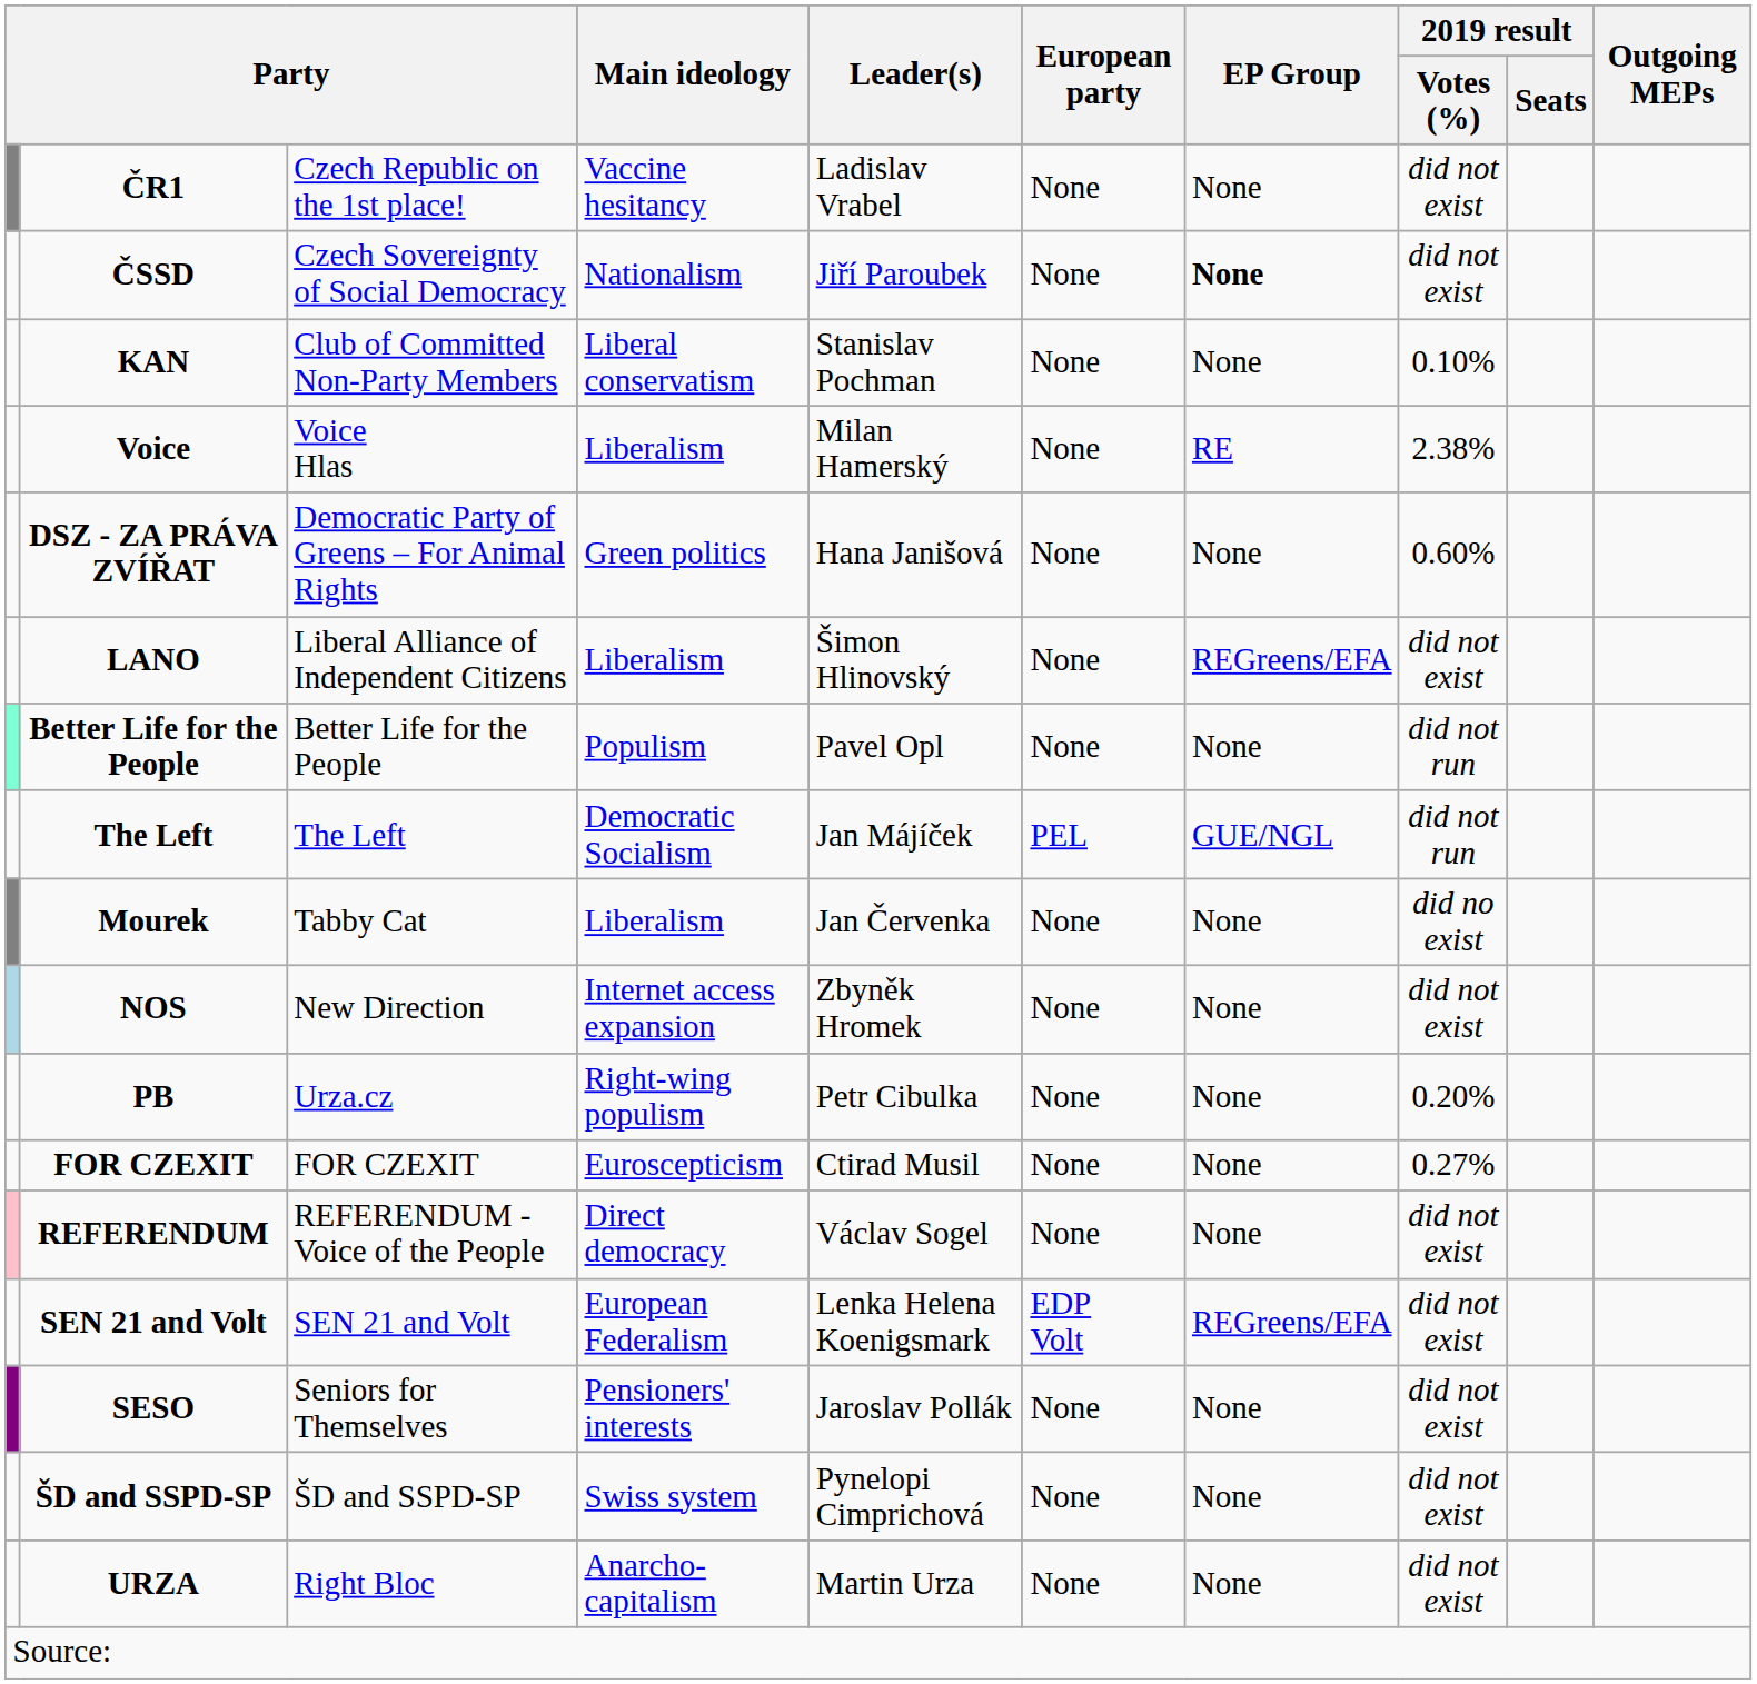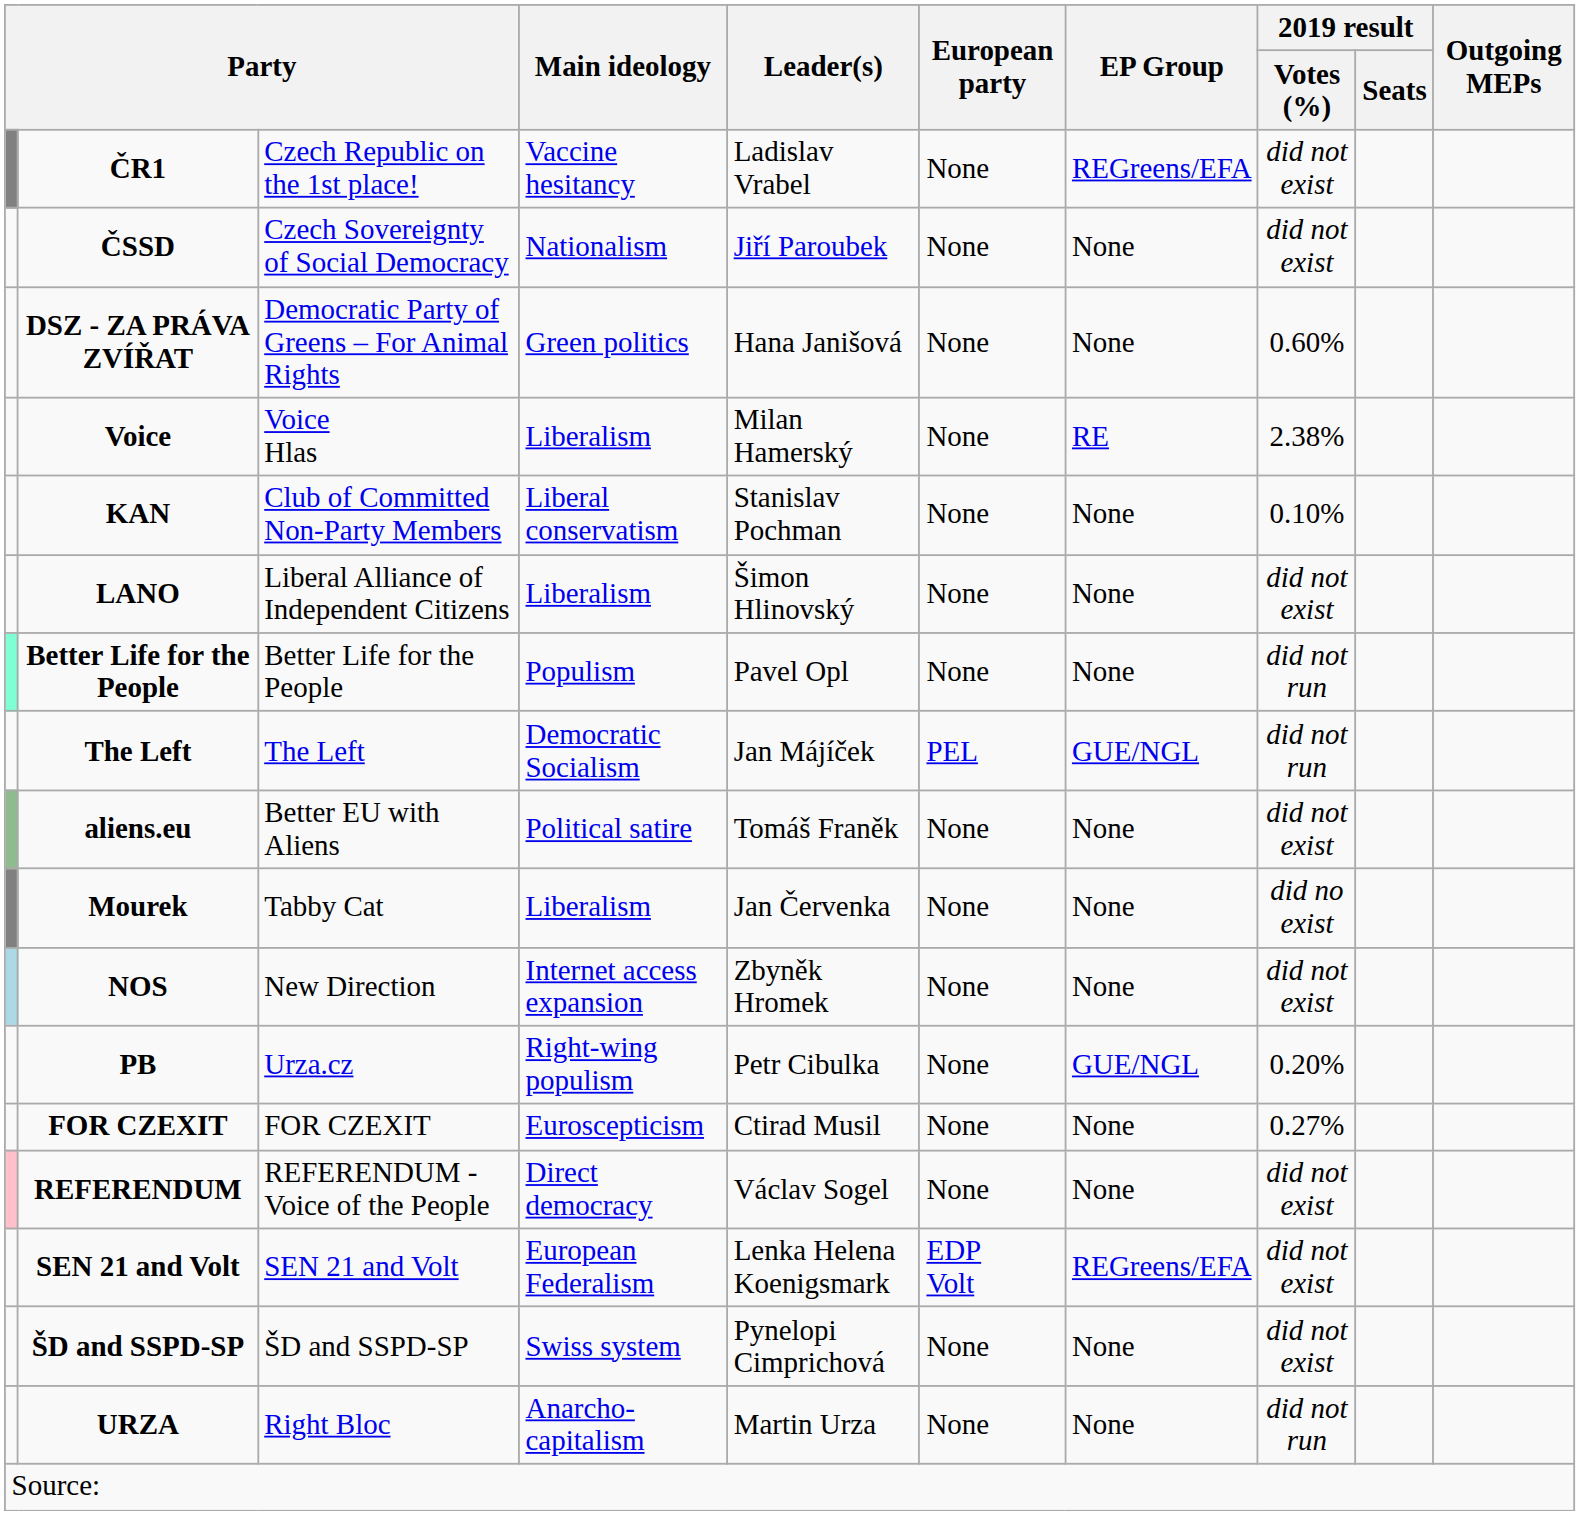 <table class="wikitable" style="text-align:left">
 <tr>
 <th colspan="3" rowspan="2">Party</th>
 <th rowspan="2">Main ideology</th>
 <th rowspan="2">Leader(s)</th>
 <th rowspan="2">European party</th>
 <th rowspan="2">EP Group</th>
 <th colspan="2">2019 result</th>
 <th rowspan="2">Outgoing MEPs</th>
 </tr>
 <tr>
 <th>Votes (%)</th>
 <th>Seats</th>
 </tr>
 <tr>
 <td style="color:inherit;background:gray"></td>
 <td style="text-align:center;"><strong>ČR1</strong></td>
 <td><a href='#'>Czech Republic on the 1st place!</a><br></td>
 <td><a href='#'>Vaccine hesitancy</a></td>
 <td>Ladislav Vrabel</td>
 <td>None</td>
-<td>None</td>
+<td><a href='#'>RE</a><a href='#'>Greens/EFA</a></td>
 <td style="text-align:center;"><em>did not exist</em></td>
 <td></td>
 <td></td>
 </tr>
 <tr>
 <td style="color:inherit;background:"></td>
 <td style="text-align:center;"><strong>ČSSD</strong></td>
 <td><a href='#'>Czech Sovereignty of Social Democracy</a></td>
 <td><a href='#'>Nationalism</a></td>
 <td><a href='#'>Jiří Paroubek</a></td>
 <td>None</td>
-<td><strong>None</strong></td>
+<td>None</td>
 <td style="text-align:center;"><em>did not exist</em></td>
+<td></td>
+<td></td>
+</tr>
+<tr>
+<td style="color:inherit;background:"></td>
+<td style="text-align:center;"><strong>DSZ - ZA PRÁVA ZVÍŘAT</strong></td>
+<td><a href='#'>Democratic Party of Greens – For Animal Rights</a><br></td>
+<td><a href='#'>Green politics</a></td>
+<td>Hana Janišová</td>
+<td>None</td>
+<td>None</td>
+<td style="text-align:center;">0.60%</td>
+<td></td>
+<td></td>
+</tr>
+<tr>
+<td style="color:inherit;background:"></td>
+<td style="text-align:center;"><strong>Voice</strong></td>
+<td><a href='#'>Voice</a><br>Hlas</td>
+<td><a href='#'>Liberalism</a></td>
+<td>Milan Hamerský</td>
+<td>None</td>
+<td><a href='#'>RE</a></td>
+<td style="text-align:center;">2.38%</td>
 <td></td>
 <td></td>
 </tr>
 <tr>
 <td style="color:inherit;background:"></td>
 <td style="text-align:center;"><strong>KAN</strong></td>
 <td><a href='#'>Club of Committed Non-Party Members</a><br></td>
 <td><a href='#'>Liberal conservatism</a></td>
 <td>Stanislav Pochman</td>
 <td>None</td>
 <td>None</td>
 <td style="text-align:center;">0.10%</td>
 <td></td>
 <td></td>
 </tr>
 <tr>
 <td style="color:inherit;background:"></td>
-<td style="text-align:center;"><strong>Voice</strong></td>
-<td><a href='#'>Voice</a><br>Hlas</td>
-<td><a href='#'>Liberalism</a></td>
-<td>Milan Hamerský</td>
-<td>None</td>
-<td><a href='#'>RE</a></td>
-<td style="text-align:center;">2.38%</td>
-<td></td>
-<td></td>
-</tr>
-<tr>
-<td style="color:inherit;background:"></td>
-<td style="text-align:center;"><strong>DSZ - ZA PRÁVA ZVÍŘAT</strong></td>
-<td><a href='#'>Democratic Party of Greens – For Animal Rights</a><br></td>
-<td><a href='#'>Green politics</a></td>
-<td>Hana Janišová</td>
-<td>None</td>
-<td>None</td>
-<td style="text-align:center;">0.60%</td>
-<td></td>
-<td></td>
-</tr>
-<tr>
-<td style="color:inherit;background:"></td>
 <td style="text-align:center;"><strong>LANO</strong></td>
 <td>Liberal Alliance of Independent Citizens<br></td>
 <td><a href='#'>Liberalism</a></td>
 <td>Šimon Hlinovský</td>
 <td>None</td>
-<td><a href='#'>RE</a><a href='#'>Greens/EFA</a></td>
+<td>None</td>
 <td style="text-align:center;"><em>did not exist</em></td>
 <td></td>
 <td></td>
 </tr>
 <tr>
 <td style="color:inherit;background: Aquamarine"></td>
 <td style="text-align:center;"><strong>Better Life for the People</strong></td>
 <td>Better Life for the People<br></td>
 <td><a href='#'>Populism</a></td>
 <td>Pavel Opl</td>
 <td>None</td>
 <td>None</td>
 <td style="text-align:center;"><em>did not run</em></td>
 <td></td>
 <td></td>
 </tr>
 <tr>
 <td style="color:inherit;background:"></td>
 <td style="text-align:center;"><strong>The Left</strong></td>
 <td><a href='#'>The Left</a><br></td>
 <td><a href='#'>Democratic Socialism</a></td>
 <td>Jan Májíček</td>
 <td><a href='#'>PEL</a></td>
 <td><a href='#'>GUE/NGL</a></td>
 <td style="text-align:center;"><em>did not run</em></td>
+<td></td>
+<td></td>
+</tr>
+<tr>
+<td style="color:inherit;background:darkseagreen"></td>
+<td style="text-align:center;"><strong>aliens.eu</strong></td>
+<td>Better EU with Aliens<br></td>
+<td><a href='#'>Political satire</a></td>
+<td>Tomáš Franěk</td>
+<td>None</td>
+<td>None</td>
+<td style="text-align:center;"><em>did not exist</em></td>
 <td></td>
 <td></td>
 </tr>
 <tr>
 <td style="color:inherit;background:gray"></td>
 <td style="text-align:center;"><strong>Mourek</strong></td>
 <td>Tabby Cat<br></td>
 <td><a href='#'>Liberalism</a></td>
 <td>Jan Červenka</td>
 <td>None</td>
 <td>None</td>
 <td style="text-align:center;"><em>did no exist</em></td>
 <td></td>
 <td></td>
 </tr>
 <tr>
 <td style="color:inherit;background:lightblue"></td>
 <td style="text-align:center;"><strong>NOS</strong></td>
 <td>New Direction<br></td>
 <td><a href='#'>Internet access expansion</a></td>
 <td>Zbyněk Hromek</td>
 <td>None</td>
 <td>None</td>
 <td style="text-align:center;"><em>did not exist</em></td>
 <td></td>
 <td></td>
 </tr>
 <tr>
 <td style="color:inherit;background:"></td>
 <td style="text-align:center;"><strong>PB</strong></td>
 <td><a href='#'>Urza.cz</a></td>
 <td><a href='#'>Right-wing populism</a></td>
 <td>Petr Cibulka</td>
 <td>None</td>
-<td>None</td>
+<td><a href='#'>GUE/NGL</a></td>
 <td style="text-align:center;">0.20%</td>
 <td></td>
 <td></td>
 </tr>
 <tr>
 <td style="color:inherit;background:"></td>
 <td style="text-align:center;"><strong>FOR CZEXIT</strong></td>
 <td>FOR CZEXIT<br></td>
 <td><a href='#'>Euroscepticism</a></td>
 <td>Ctirad Musil</td>
 <td>None</td>
 <td>None</td>
 <td style="text-align:center;">0.27% </td>
 <td></td>
 <td></td>
 </tr>
 <tr>
 <td style="color:inherit;background:pink"></td>
 <td style="text-align:center;"><strong>REFERENDUM</strong></td>
 <td>REFERENDUM - Voice of the People<br></td>
 <td><a href='#'>Direct democracy</a></td>
 <td>Václav Sogel</td>
 <td>None</td>
 <td>None</td>
 <td style="text-align:center;"><em>did not exist</em></td>
 <td></td>
 <td></td>
 </tr>
 <tr>
 <td style="color:inherit;background:"></td>
 <td style="text-align:center;"><strong>SEN 21 and Volt</strong></td>
 <td><a href='#'>SEN 21 and Volt</a><br></td>
 <td><a href='#'>European Federalism</a></td>
 <td>Lenka Helena Koenigsmark</td>
 <td><a href='#'>EDP</a><br><a href='#'>Volt</a></td>
 <td><a href='#'>RE</a><a href='#'>Greens/EFA</a></td>
 <td style="text-align:center;"><em>did not exist</em></td>
 <td></td>
 <td></td>
 </tr>
 <tr>
-<td style="color:inherit;background:purple"></td>
-<td style="text-align:center;"><strong>SESO</strong></td>
-<td>Seniors for Themselves<br></td>
-<td><a href='#'>Pensioners' interests</a></td>
-<td>Jaroslav Pollák</td>
-<td>None</td>
-<td>None</td>
-<td style="text-align:center;"><em>did not exist</em></td>
-<td></td>
-<td></td>
-</tr>
-<tr>
 <td style="color:inherit;background:"></td>
 <td style="text-align:center;"><strong>ŠD and SSPD-SP</strong></td>
 <td>ŠD and SSPD-SP<br></td>
 <td><a href='#'>Swiss system</a></td>
 <td>Pynelopi Cimprichová</td>
 <td>None</td>
 <td>None</td>
 <td style="text-align:center;"><em>did not exist</em></td>
 <td></td>
 <td></td>
 </tr>
 <tr>
 <td style="color:inherit;background:"></td>
 <td style="text-align:center;"><strong>URZA</strong></td>
 <td><a href='#'>Right Bloc</a><br></td>
 <td><a href='#'>Anarcho-capitalism</a></td>
 <td>Martin Urza</td>
 <td>None</td>
 <td>None</td>
-<td style="text-align:center;"><em>did not exist</em></td>
+<td style="text-align:center;"><em>did not run</em></td>
 <td></td>
 <td></td>
 </tr>
 <tr>
 <td colspan="10">Source:</td>
 </tr>
 </table>
